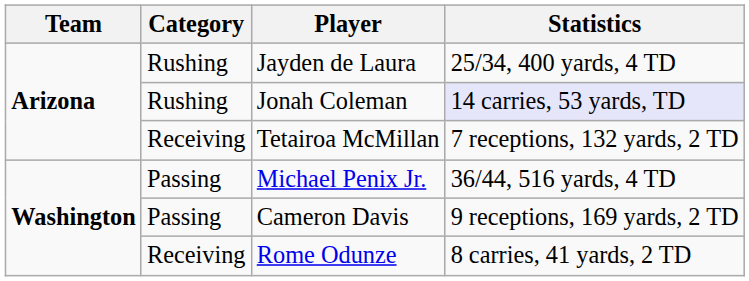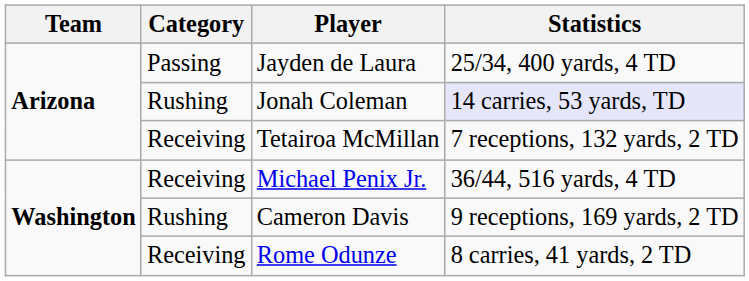 <table class="wikitable" style="float: right;">
 <tr>
 <th>Team</th>
 <th>Category</th>
 <th>Player</th>
 <th>Statistics</th>
 </tr>
 <tr>
 <td rowspan=3><strong>Arizona</strong></td>
-<td>Rushing</td>
+<td>Passing</td>
 <td>Jayden de Laura</td>
 <td>25/34, 400 yards, 4 TD</td>
 </tr>
 <tr>
 <td>Rushing</td>
 <td>Jonah Coleman</td>
 <td style="background: lavender;">14 carries, 53 yards, TD</td>
 </tr>
 <tr>
 <td>Receiving</td>
 <td>Tetairoa McMillan</td>
 <td>7 receptions, 132 yards, 2 TD</td>
 </tr>
 <tr>
 <td rowspan=3><strong>Washington</strong></td>
-<td>Passing</td>
+<td>Receiving</td>
 <td><a href='#'>Michael Penix Jr.</a></td>
 <td>36/44, 516 yards, 4 TD</td>
 </tr>
 <tr>
-<td>Passing</td>
+<td>Rushing</td>
 <td>Cameron Davis</td>
 <td>9 receptions, 169 yards, 2 TD</td>
 </tr>
 <tr>
 <td>Receiving</td>
 <td><a href='#'>Rome Odunze</a></td>
 <td>8 carries, 41 yards, 2 TD</td>
 </tr>
 </table>
